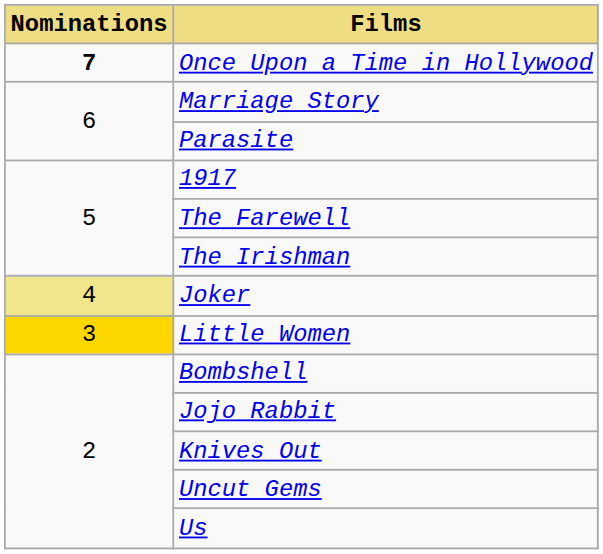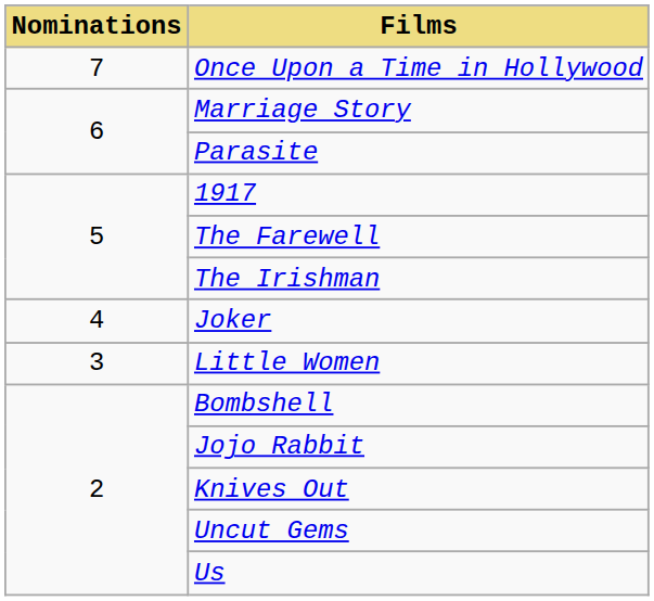 <table class="wikitable">
 <tr>
 <th style="background:#EEDD82;">Nominations</th>
 <th style="background:#EEDD82;">Films</th>
 </tr>
 <tr>
-<td style="text-align:center"><strong>7</strong></td>
+<td style="text-align:center">7</td>
 <td><em><a href='#'>Once Upon a Time in Hollywood</a></em></td>
 </tr>
 <tr>
 <td rowspan="2" style="text-align:center">6</td>
 <td><em><a href='#'>Marriage Story</a></em></td>
 </tr>
 <tr>
 <td><em><a href='#'>Parasite</a></em></td>
 </tr>
 <tr>
 <td rowspan="3" style="text-align:center">5</td>
 <td><em><a href='#'>1917</a></em></td>
 </tr>
 <tr>
 <td><em><a href='#'>The Farewell</a></em></td>
 </tr>
 <tr>
 <td><em><a href='#'>The Irishman</a></em></td>
 </tr>
 <tr>
-<td style="background: khaki; text-align:center">4</td>
+<td style="text-align:center">4</td>
 <td><em><a href='#'>Joker</a></em></td>
 </tr>
 <tr>
-<td style="background: gold; text-align:center">3</td>
+<td style="text-align:center">3</td>
 <td><em><a href='#'>Little Women</a></em></td>
 </tr>
 <tr>
 <td rowspan="6" style="text-align:center">2</td>
 <td><em><a href='#'>Bombshell</a></em></td>
 </tr>
 <tr>
 <td><em><a href='#'>Jojo Rabbit</a></em></td>
 </tr>
 <tr>
 <td><em><a href='#'>Knives Out</a></em></td>
 </tr>
 <tr>
 <td><em><a href='#'>Uncut Gems</a></em></td>
 </tr>
 <tr>
 <td><em><a href='#'>Us</a></em></td>
 </tr>
 </table>
